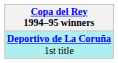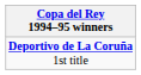 <table class="wikitable" style="text-align: center; margin: 0 auto">
 <tr>
 <th><a href='#'>Copa del Rey</a><br>1994–95 winners</th>
 </tr>
 <tr>
-<td style="background: paleturquoise;"><strong><a href='#'>Deportivo de La Coruña</a></strong><br>1st title</td>
+<td><strong><a href='#'>Deportivo de La Coruña</a></strong><br>1st title</td>
 </tr>
 </table>
